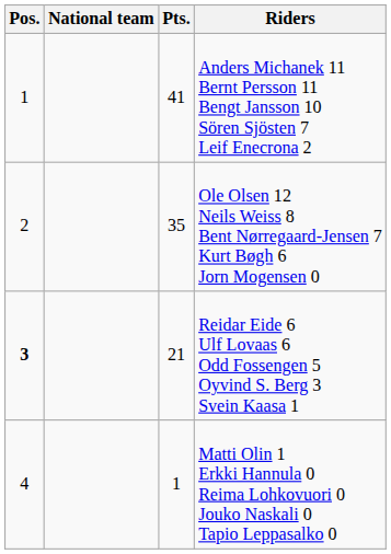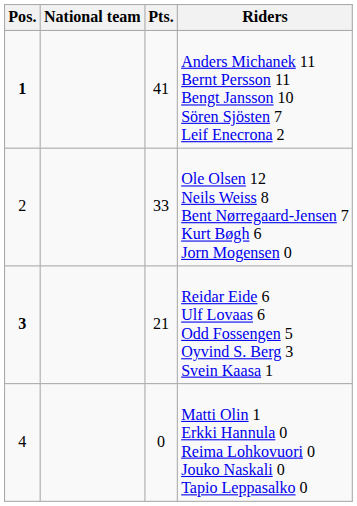 <table class=wikitable style="font-size:93%;">
 <tr>
 <th>Pos.</th>
 <th>National team</th>
 <th>Pts.</th>
 <th>Riders</th>
 </tr>
 <tr align=center >
-<td>1</td>
+<td><strong>1</strong></td>
 <td align=left></td>
 <td>41</td>
 <td align=left><br><a href='#'>Anders Michanek</a> 11<br> <a href='#'>Bernt Persson</a> 11<br> <a href='#'>Bengt Jansson</a> 10<br> <a href='#'>Sören Sjösten</a> 7<br> <a href='#'>Leif Enecrona</a> 2</td>
 </tr>
 <tr align=center>
 <td>2</td>
 <td align=left></td>
-<td>35</td>
+<td>33</td>
 <td align=left><br><a href='#'>Ole Olsen</a> 12<br> <a href='#'>Neils Weiss</a> 8<br> <a href='#'>Bent Nørregaard-Jensen</a> 7<br> <a href='#'>Kurt Bøgh</a> 6<br> <a href='#'>Jorn Mogensen</a> 0</td>
 </tr>
 <tr align=center>
 <td><strong>3</strong></td>
 <td align=left></td>
 <td>21</td>
 <td align=left><br><a href='#'>Reidar Eide</a> 6<br> <a href='#'>Ulf Lovaas</a> 6<br> <a href='#'>Odd Fossengen</a> 5<br> <a href='#'>Oyvind S. Berg</a> 3<br> <a href='#'>Svein Kaasa</a> 1</td>
 </tr>
 <tr align=center>
 <td>4</td>
 <td align=left></td>
-<td>1</td>
+<td>0</td>
 <td align=left><br><a href='#'>Matti Olin</a> 1<br> <a href='#'>Erkki Hannula</a> 0<br> <a href='#'>Reima Lohkovuori</a> 0<br> <a href='#'>Jouko Naskali</a> 0<br> <a href='#'>Tapio Leppasalko</a> 0</td>
 </tr>
 </table>
